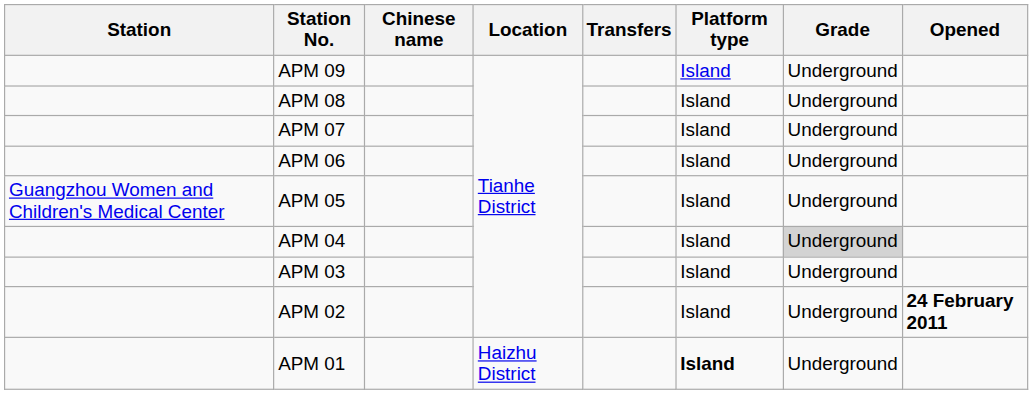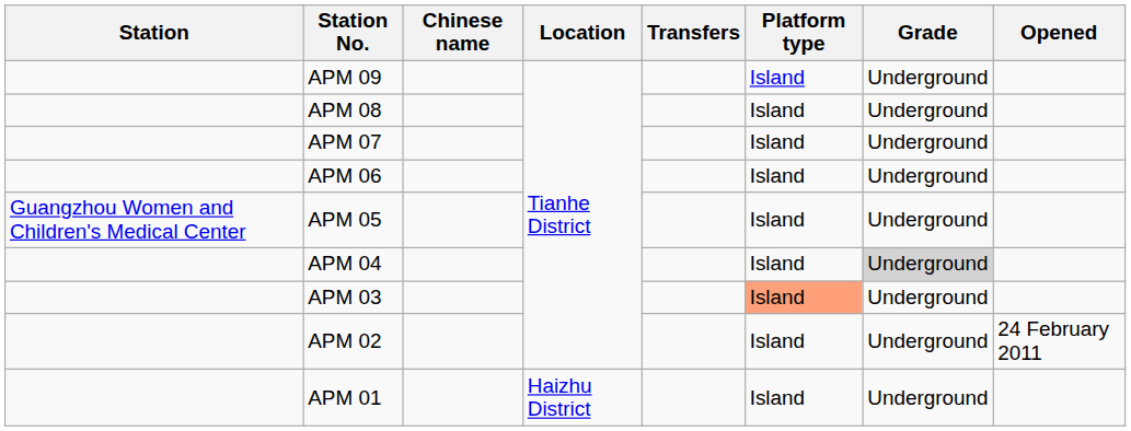 <table class="wikitable">
 <tr>
 <th>Station</th>
 <th>Station No.</th>
 <th>Chinese name</th>
 <th>Location</th>
 <th>Transfers</th>
 <th>Platform type</th>
 <th>Grade</th>
 <th>Opened</th>
 </tr>
 <tr>
 <td></td>
 <td>APM 09</td>
 <td></td>
 <td rowspan="8"><a href='#'>Tianhe District</a></td>
 <td style="text-align: center"></td>
 <td><a href='#'>Island</a></td>
 <td>Underground</td>
 <td></td>
 </tr>
 <tr>
 <td></td>
 <td>APM 08</td>
 <td></td>
 <td></td>
 <td>Island</td>
 <td>Underground</td>
 <td></td>
 </tr>
 <tr>
 <td></td>
 <td>APM 07</td>
 <td></td>
 <td></td>
 <td>Island</td>
 <td>Underground</td>
 <td></td>
 </tr>
 <tr>
 <td></td>
 <td>APM 06</td>
 <td></td>
 <td></td>
 <td>Island</td>
 <td>Underground</td>
 <td></td>
 </tr>
 <tr>
 <td><a href='#'>Guangzhou Women and Children's Medical Center</a></td>
 <td>APM 05</td>
 <td></td>
 <td></td>
 <td>Island</td>
 <td>Underground</td>
 <td></td>
 </tr>
 <tr>
 <td></td>
 <td>APM 04</td>
 <td></td>
 <td></td>
 <td>Island</td>
 <td style="background: lightgrey;">Underground</td>
 <td></td>
 </tr>
 <tr>
 <td></td>
 <td>APM 03</td>
 <td></td>
 <td></td>
-<td>Island</td>
+<td style="background: lightsalmon;">Island</td>
 <td>Underground</td>
 <td></td>
 </tr>
 <tr>
 <td></td>
 <td>APM 02</td>
 <td></td>
 <td></td>
 <td>Island</td>
 <td>Underground</td>
-<td><strong>24 February 2011</strong></td>
+<td>24 February 2011</td>
 </tr>
 <tr>
 <td></td>
 <td>APM 01</td>
 <td></td>
 <td><a href='#'>Haizhu District</a></td>
 <td style="text-align: center"> </td>
-<td><strong>Island</strong></td>
+<td>Island</td>
 <td>Underground</td>
 <td></td>
 </tr>
 </table>
